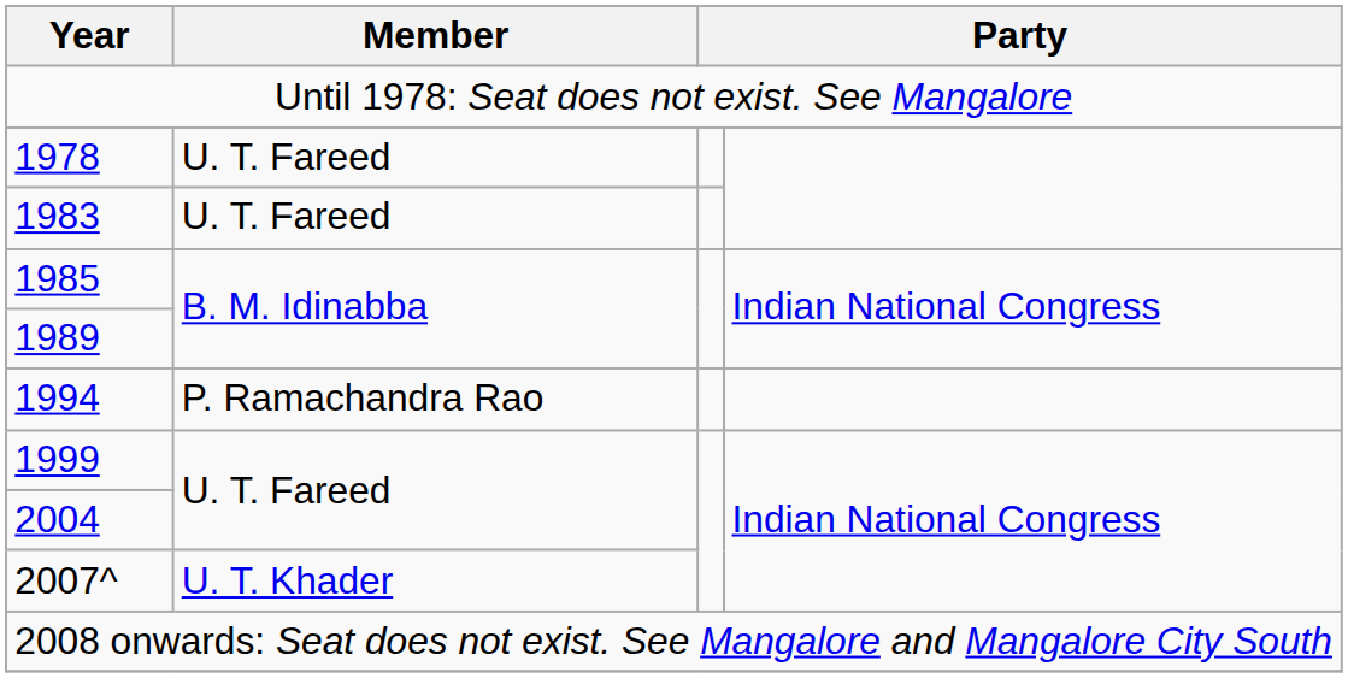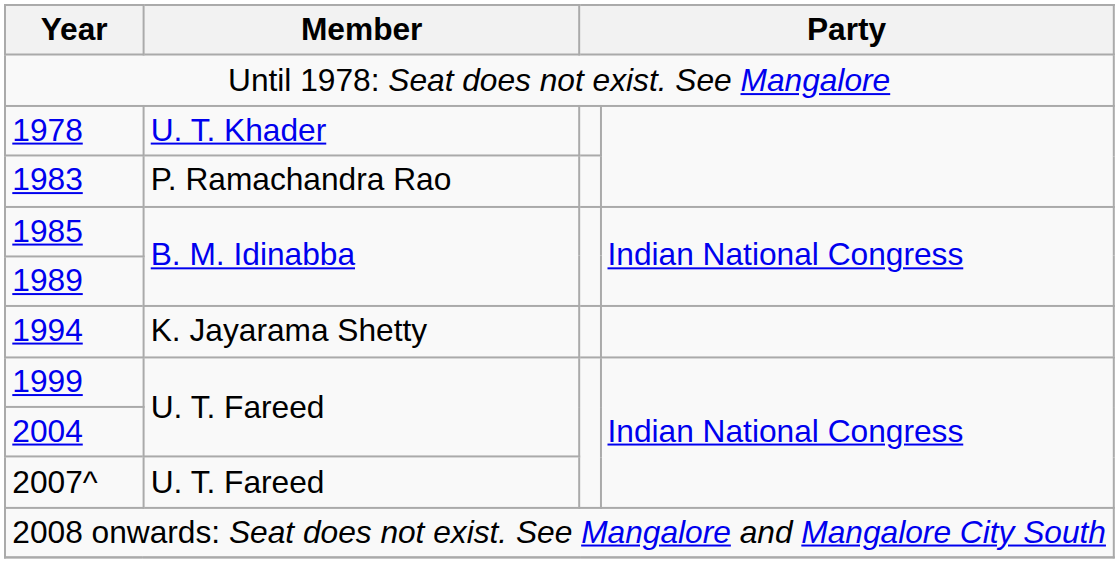 <table class="wikitable">
 <tr>
 <th>Year</th>
 <th>Member</th>
 <th colspan="2">Party</th>
 </tr>
 <tr>
 <td colspan=4 align=center>Until 1978: <em>Seat does not exist. See <a href='#'>Mangalore</a></em></td>
 </tr>
 <tr>
 <td><a href='#'>1978</a></td>
-<td>U. T. Fareed</td>
+<td><a href='#'>U. T. Khader</a></td>
 <td></td>
 </tr>
 <tr>
 <td><a href='#'>1983</a></td>
-<td>U. T. Fareed</td>
+<td>P. Ramachandra Rao</td>
 <td></td>
 </tr>
 <tr>
 <td><a href='#'>1985</a></td>
 <td rowspan="2"><a href='#'>B. M. Idinabba</a></td>
 <td rowspan=2 style="background-color: "></td>
 <td rowspan=2><a href='#'>Indian National Congress</a></td>
 </tr>
 <tr>
 <td><a href='#'>1989</a></td>
 </tr>
 <tr>
 <td><a href='#'>1994</a></td>
-<td>P. Ramachandra Rao</td>
+<td>K. Jayarama Shetty</td>
 <td></td>
 </tr>
 <tr>
 <td><a href='#'>1999</a></td>
 <td rowspan="2">U. T. Fareed</td>
 <td rowspan=3 style="background-color: "></td>
 <td rowspan=3><a href='#'>Indian National Congress</a></td>
 </tr>
 <tr>
 <td><a href='#'>2004</a></td>
 </tr>
 <tr>
 <td>2007^</td>
-<td><a href='#'>U. T. Khader</a></td>
+<td>U. T. Fareed</td>
 </tr>
 <tr>
 <td colspan=4 align=center>2008 onwards: <em>Seat does not exist. See <a href='#'>Mangalore</a> and <a href='#'>Mangalore City South</a></em></td>
 </tr>
 <tr>
 </tr>
 </table>
